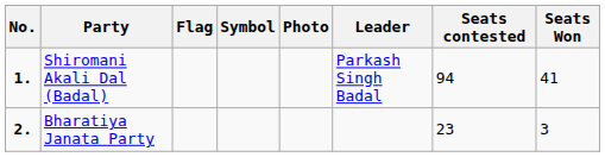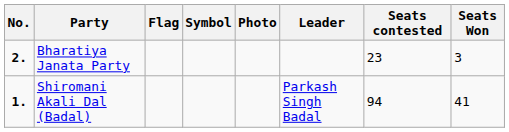 <table class="wikitable sortable" width="40%">
 <tr>
 <th>No.</th>
 <th>Party</th>
 <th>Flag</th>
 <th>Symbol</th>
 <th>Photo</th>
 <th>Leader</th>
 <th>Seats contested</th>
 <th>Seats Won</th>
 </tr>
 <tr>
+<td style="text-align:center; background:"><strong>2.</strong></td>
+<td><a href='#'>Bharatiya Janata Party</a></td>
+<td></td>
+<td></td>
+<td></td>
+<td></td>
+<td>23</td>
+<td>3</td>
+</tr>
+<tr>
 <td style="text-align:center; background:"><strong>1.</strong></td>
 <td><a href='#'>Shiromani Akali Dal (Badal)</a></td>
 <td></td>
 <td></td>
 <td></td>
 <td><a href='#'>Parkash Singh Badal</a></td>
 <td>94</td>
 <td>41</td>
 </tr>
-<tr>
-<td style="text-align:center; background:"><strong>2.</strong></td>
-<td><a href='#'>Bharatiya Janata Party</a></td>
-<td></td>
-<td></td>
-<td></td>
-<td></td>
-<td>23</td>
-<td>3</td>
-</tr>
 </table>
